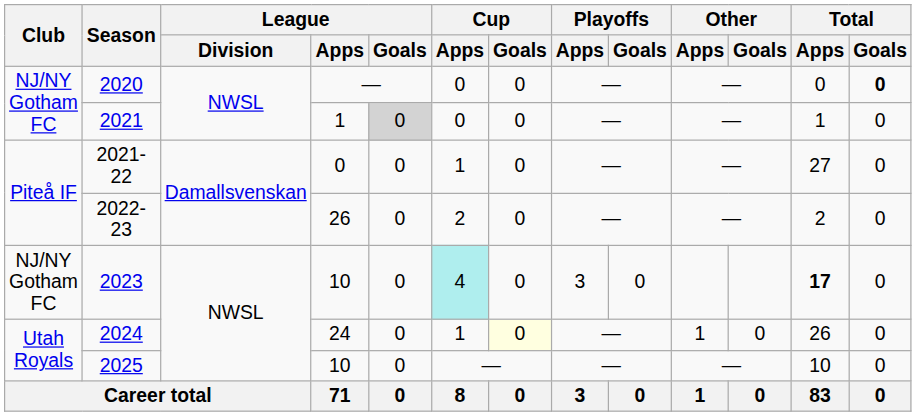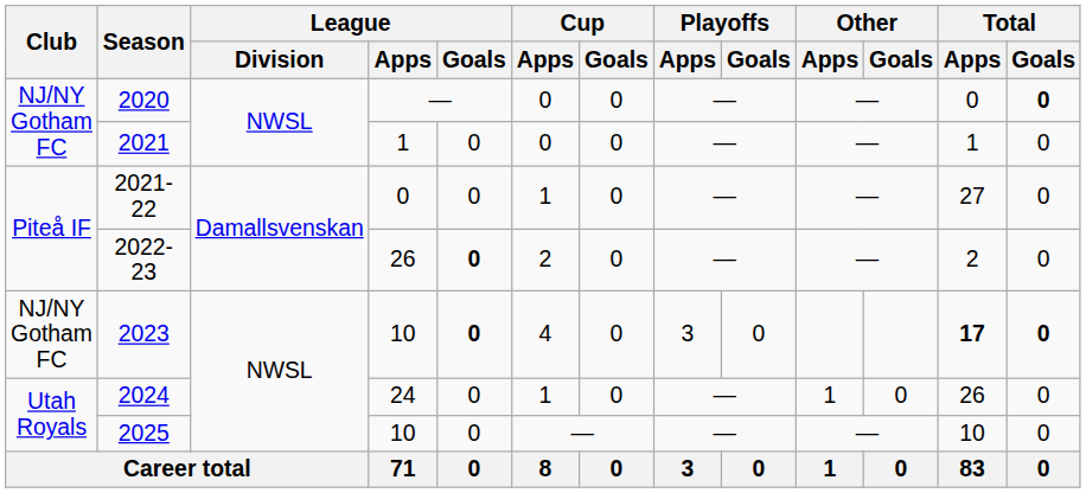 <table class="wikitable" style="text-align: center;">
 <tr>
 <th rowspan="2">Club</th>
 <th rowspan="2">Season</th>
 <th colspan="3">League</th>
 <th colspan="2">Cup</th>
 <th colspan="2">Playoffs</th>
 <th colspan="2">Other</th>
 <th colspan="2">Total</th>
 </tr>
 <tr>
 <th>Division</th>
 <th>Apps</th>
 <th>Goals</th>
 <th>Apps</th>
 <th>Goals</th>
 <th>Apps</th>
 <th>Goals</th>
 <th>Apps</th>
 <th>Goals</th>
 <th>Apps</th>
 <th>Goals</th>
 </tr>
 <tr>
 <td rowspan="2"><a href='#'>NJ/NY Gotham FC</a></td>
 <td><a href='#'>2020</a></td>
 <td rowspan="2"><a href='#'>NWSL</a></td>
 <td colspan="2">—</td>
 <td>0</td>
 <td>0</td>
 <td colspan="2">—</td>
 <td colspan="2">—</td>
 <td>0</td>
 <td><strong>0</strong></td>
 </tr>
 <tr>
 <td><a href='#'>2021</a></td>
 <td>1</td>
-<td style="background: lightgrey;">0</td>
+<td>0</td>
 <td>0</td>
 <td>0</td>
 <td colspan="2">—</td>
 <td colspan="2">—</td>
 <td>1</td>
 <td>0</td>
 </tr>
 <tr>
 <td rowspan="2"><a href='#'>Piteå IF</a></td>
 <td>2021-22</td>
 <td rowspan="2"><a href='#'>Damallsvenskan</a></td>
 <td>0</td>
 <td>0</td>
 <td>1</td>
 <td>0</td>
 <td colspan="2">—</td>
 <td colspan="2">—</td>
 <td>27</td>
 <td>0</td>
 </tr>
 <tr>
 <td>2022-23</td>
 <td>26</td>
-<td>0</td>
+<td><strong>0</strong></td>
 <td>2</td>
 <td>0</td>
 <td colspan="2">—</td>
 <td colspan="2">—</td>
 <td>2</td>
 <td>0</td>
 </tr>
 <tr>
 <td>NJ/NY Gotham FC</td>
 <td><a href='#'>2023</a></td>
 <td rowspan="3">NWSL</td>
 <td>10</td>
-<td>0</td>
-<td style="background: paleturquoise;">4</td>
+<td><strong>0</strong></td>
+<td>4</td>
 <td>0</td>
 <td>3</td>
 <td>0</td>
 <td></td>
 <td></td>
 <td><strong>17</strong></td>
-<td>0</td>
+<td><strong>0</strong></td>
 </tr>
 <tr>
 <td rowspan="2"><a href='#'>Utah Royals</a></td>
 <td><a href='#'>2024</a></td>
 <td>24</td>
 <td>0</td>
 <td>1</td>
-<td style="background: lightyellow;">0</td>
+<td>0</td>
 <td colspan="2">—</td>
 <td>1</td>
 <td>0</td>
 <td>26</td>
 <td>0</td>
 </tr>
 <tr>
 <td><a href='#'>2025</a></td>
 <td>10</td>
 <td>0</td>
 <td colspan="2">—</td>
 <td colspan="2">—</td>
 <td colspan="2">—</td>
 <td>10</td>
 <td>0</td>
 </tr>
 <tr>
 <th colspan="3">Career total</th>
 <th>71</th>
 <th>0</th>
 <th>8</th>
 <th>0</th>
 <th>3</th>
 <th>0</th>
 <th>1</th>
 <th>0</th>
 <th>83</th>
 <th>0</th>
 </tr>
 </table>
